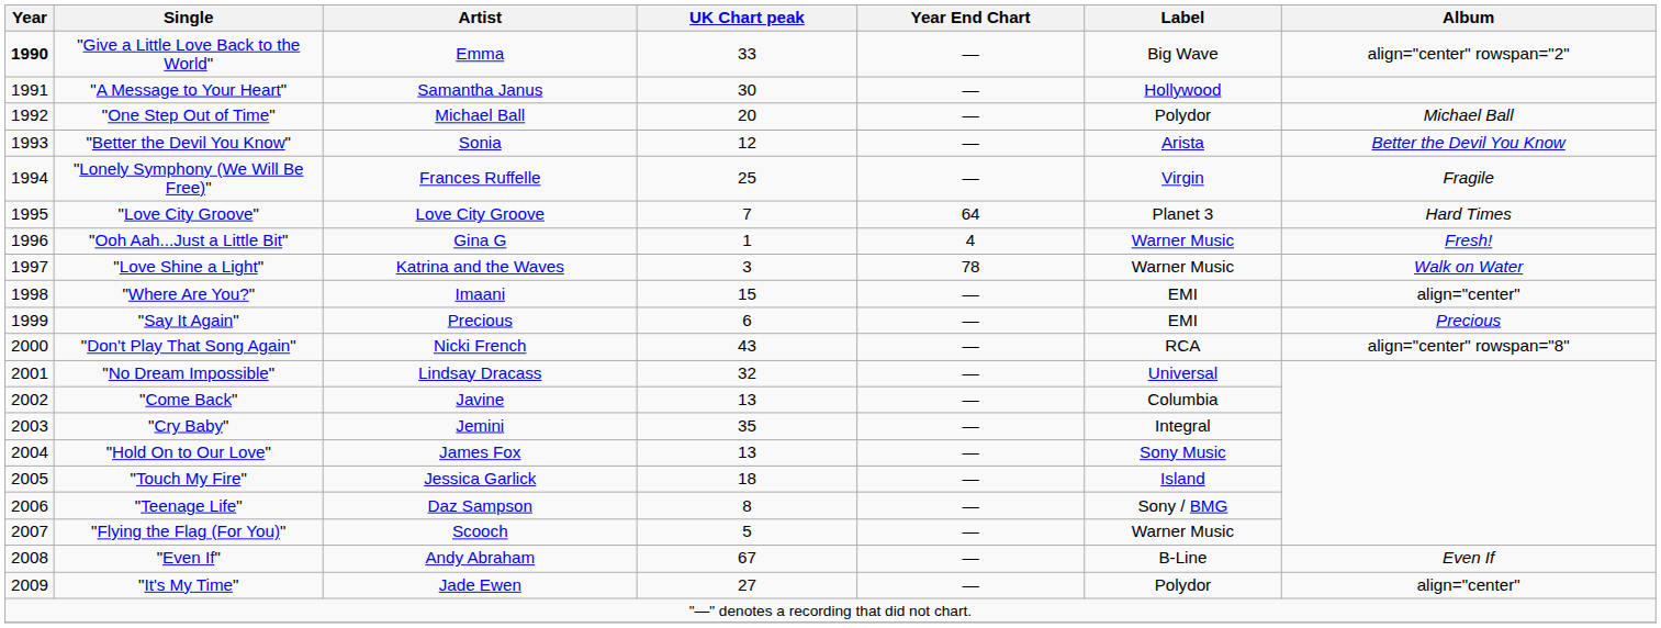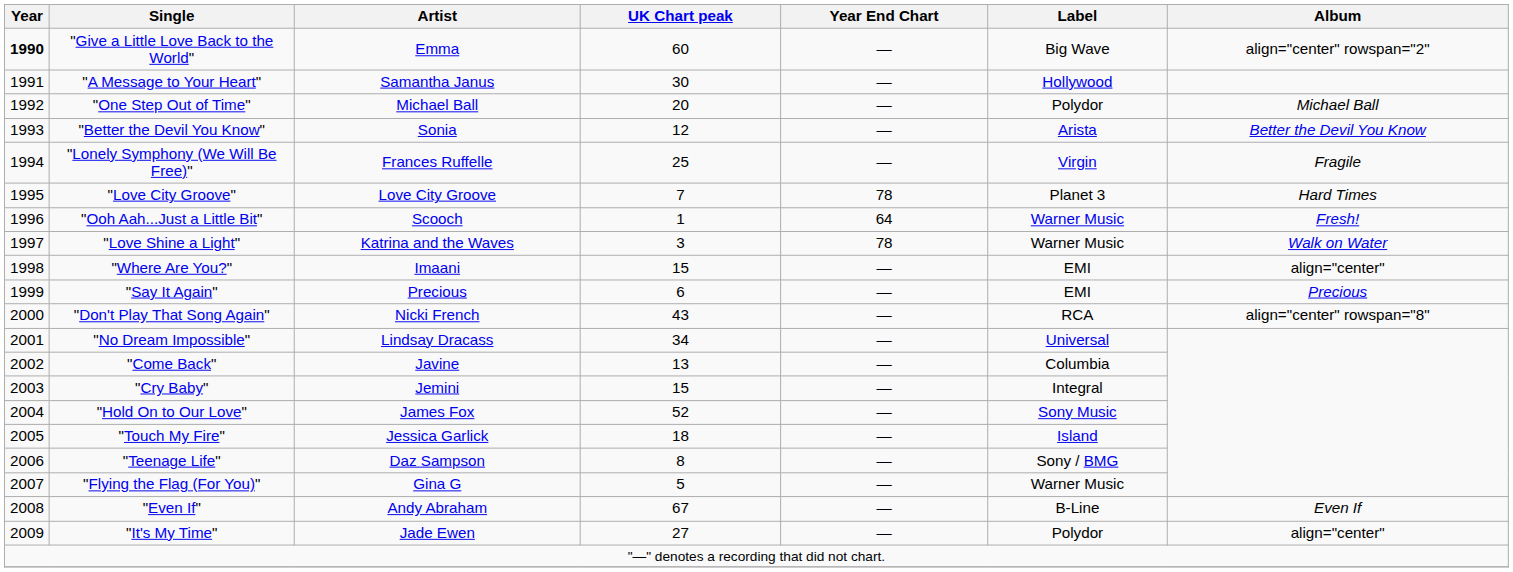 <table class="wikitable" style="text-align:center;width:100%;">
 <tr>
 <th width="40">Year</th>
 <th width="250">Single</th>
 <th>Artist</th>
 <th><a href='#'>UK Chart peak</a></th>
 <th>Year End Chart</th>
 <th>Label</th>
 <th>Album</th>
 </tr>
 <tr>
 <td align="center"><strong>1990</strong></td>
 <td align="center">"<a href='#'>Give a Little Love Back to the World</a>"</td>
 <td align="center"><a href='#'>Emma</a></td>
-<td align="center">33</td>
+<td align="center">60</td>
 <td align="center">—</td>
 <td align="center">Big Wave</td>
 <td>align="center" rowspan="2" </td>
 </tr>
 <tr>
 <td align="center">1991</td>
 <td align="center">"<a href='#'>A Message to Your Heart</a>"</td>
 <td align="center"><a href='#'>Samantha Janus</a></td>
 <td align="center">30</td>
 <td align="center">—</td>
 <td align="center"><a href='#'>Hollywood</a></td>
 </tr>
 <tr>
 <td align="center">1992</td>
 <td align="center">"<a href='#'>One Step Out of Time</a>"</td>
 <td align="center"><a href='#'>Michael Ball</a></td>
 <td align="center">20</td>
 <td align="center">—</td>
 <td align="center">Polydor</td>
 <td align="center"><em>Michael Ball</em></td>
 </tr>
 <tr>
 <td align="center">1993</td>
 <td align="center">"<a href='#'>Better the Devil You Know</a>"</td>
 <td align="center"><a href='#'>Sonia</a></td>
 <td align="center">12</td>
 <td align="center">—</td>
 <td align="center"><a href='#'>Arista</a></td>
 <td align="center"><a href='#'><em>Better the Devil You Know</em></a></td>
 </tr>
 <tr>
 <td align="center">1994</td>
 <td align="center">"<a href='#'>Lonely Symphony (We Will Be Free)</a>"</td>
 <td align="center"><a href='#'>Frances Ruffelle</a></td>
 <td align="center">25</td>
 <td align="center">—</td>
 <td align="center"><a href='#'>Virgin</a></td>
 <td align="center"><em>Fragile</em></td>
 </tr>
 <tr>
 <td align="center">1995</td>
 <td align="center">"<a href='#'>Love City Groove</a>"</td>
 <td align="center"><a href='#'>Love City Groove</a></td>
 <td align="center">7</td>
-<td align="center">64</td>
+<td align="center">78</td>
 <td align="center">Planet 3</td>
 <td align="center"><em>Hard Times</em></td>
 </tr>
 <tr>
 <td align="center">1996</td>
 <td align="center">"<a href='#'>Ooh Aah...Just a Little Bit</a>"</td>
-<td align="center"><a href='#'>Gina G</a></td>
+<td align="center"><a href='#'>Scooch</a></td>
 <td align="center">1</td>
-<td align="center">4</td>
+<td align="center">64</td>
 <td align="center"><a href='#'>Warner Music</a></td>
 <td align="center"><em><a href='#'>Fresh!</a></em></td>
 </tr>
 <tr>
 <td align="center">1997</td>
 <td align="center">"<a href='#'>Love Shine a Light</a>"</td>
 <td align="center"><a href='#'>Katrina and the Waves</a></td>
 <td align="center">3</td>
 <td align="center">78</td>
 <td align="center">Warner Music</td>
 <td align="center"><a href='#'><em>Walk on Water</em></a></td>
 </tr>
 <tr>
 <td align="center">1998</td>
 <td align="center">"<a href='#'>Where Are You?</a>"</td>
 <td align="center"><a href='#'>Imaani</a></td>
 <td align="center">15</td>
 <td align="center">—</td>
 <td align="center">EMI</td>
 <td>align="center" </td>
 </tr>
 <tr>
 <td align="center">1999</td>
 <td align="center">"<a href='#'>Say It Again</a>"</td>
 <td align="center"><a href='#'>Precious</a></td>
 <td align="center">6</td>
 <td align="center">—</td>
 <td align="center">EMI</td>
 <td align="center"><a href='#'><em>Precious</em></a></td>
 </tr>
 <tr>
 <td align="center">2000</td>
 <td align="center">"<a href='#'>Don't Play That Song Again</a>"</td>
 <td align="center"><a href='#'>Nicki French</a></td>
 <td align="center">43</td>
 <td align="center">—</td>
 <td align="center">RCA</td>
 <td>align="center" rowspan="8" </td>
 </tr>
 <tr>
 <td align="center">2001</td>
 <td align="center">"<a href='#'>No Dream Impossible</a>"</td>
 <td align="center"><a href='#'>Lindsay Dracass</a></td>
-<td align="center">32</td>
+<td align="center">34</td>
 <td align="center">—</td>
 <td align="center"><a href='#'>Universal</a></td>
 </tr>
 <tr>
 <td align="center">2002</td>
 <td align="center">"<a href='#'>Come Back</a>"</td>
 <td align="center"><a href='#'>Javine</a></td>
 <td align="center">13</td>
 <td align="center">—</td>
 <td align="center">Columbia</td>
 </tr>
 <tr>
 <td align="center">2003</td>
 <td align="center">"<a href='#'>Cry Baby</a>"</td>
 <td align="center"><a href='#'>Jemini</a></td>
-<td align="center">35</td>
+<td align="center">15</td>
 <td align="center">—</td>
 <td align="center">Integral</td>
 </tr>
 <tr>
 <td align="center">2004</td>
 <td align="center">"<a href='#'>Hold On to Our Love</a>"</td>
 <td align="center"><a href='#'>James Fox</a></td>
-<td align="center">13</td>
+<td align="center">52</td>
 <td align="center">—</td>
 <td align="center"><a href='#'>Sony Music</a></td>
 </tr>
 <tr>
 <td align="center">2005</td>
 <td align="center">"<a href='#'>Touch My Fire</a>"</td>
 <td align="center"><a href='#'>Jessica Garlick</a></td>
 <td align="center">18</td>
 <td align="center">—</td>
 <td align="center"><a href='#'>Island</a></td>
 </tr>
 <tr>
 <td align="center">2006</td>
 <td align="center">"<a href='#'>Teenage Life</a>"</td>
 <td align="center"><a href='#'>Daz Sampson</a></td>
 <td align="center">8</td>
 <td align="center">—</td>
 <td align="center">Sony / <a href='#'>BMG</a></td>
 </tr>
 <tr>
 <td align="center">2007</td>
 <td align="center">"<a href='#'>Flying the Flag (For You)</a>"</td>
-<td align="center"><a href='#'>Scooch</a></td>
+<td align="center"><a href='#'>Gina G</a></td>
 <td align="center">5</td>
 <td align="center">—</td>
 <td align="center">Warner Music</td>
 </tr>
 <tr>
 <td align="center">2008</td>
 <td align="center">"<a href='#'>Even If</a>"</td>
 <td align="center"><a href='#'>Andy Abraham</a></td>
 <td align="center">67</td>
 <td align="center">—</td>
 <td align="center">B-Line</td>
 <td align="center"><em>Even If</em></td>
 </tr>
 <tr>
 <td align="center">2009</td>
 <td align="center">"<a href='#'>It's My Time</a>"</td>
 <td align="center"><a href='#'>Jade Ewen</a></td>
 <td align="center">27</td>
 <td align="center">—</td>
 <td align="center">Polydor</td>
 <td>align="center" </td>
 </tr>
 <tr>
 <td colspan="7" style="font-size:90%">"—" denotes a recording that did not chart.</td>
 </tr>
 <tr>
 </tr>
 </table>
